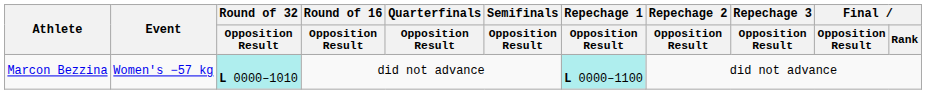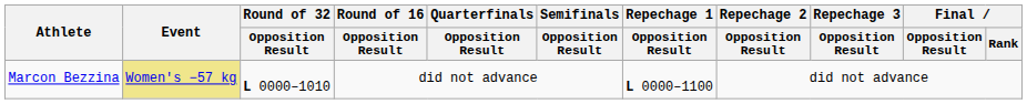 <table class="wikitable" style="font-size:90%">
 <tr>
 <th rowspan="2">Athlete</th>
 <th rowspan="2">Event</th>
 <th>Round of 32</th>
 <th>Round of 16</th>
 <th>Quarterfinals</th>
 <th>Semifinals</th>
 <th>Repechage 1</th>
 <th>Repechage 2</th>
 <th>Repechage 3</th>
 <th colspan=2>Final / </th>
 </tr>
 <tr style="font-size:95%">
 <th>Opposition<br>Result</th>
 <th>Opposition<br>Result</th>
 <th>Opposition<br>Result</th>
 <th>Opposition<br>Result</th>
 <th>Opposition<br>Result</th>
 <th>Opposition<br>Result</th>
 <th>Opposition<br>Result</th>
 <th>Opposition<br>Result</th>
 <th>Rank</th>
 </tr>
 <tr align=center>
 <td align=left><a href='#'>Marcon Bezzina</a></td>
-<td align=left><a href='#'>Women's −57 kg</a></td>
-<td style="background: paleturquoise;"><br><strong>L</strong> 0000–1010</td>
+<td align=left style="background: khaki;"><a href='#'>Women's −57 kg</a></td>
+<td><br><strong>L</strong> 0000–1010</td>
 <td colspan=3>did not advance</td>
-<td style="background: paleturquoise;"><br><strong>L</strong> 0000–1100</td>
+<td><br><strong>L</strong> 0000–1100</td>
 <td colspan=4>did not advance</td>
 </tr>
 </table>
